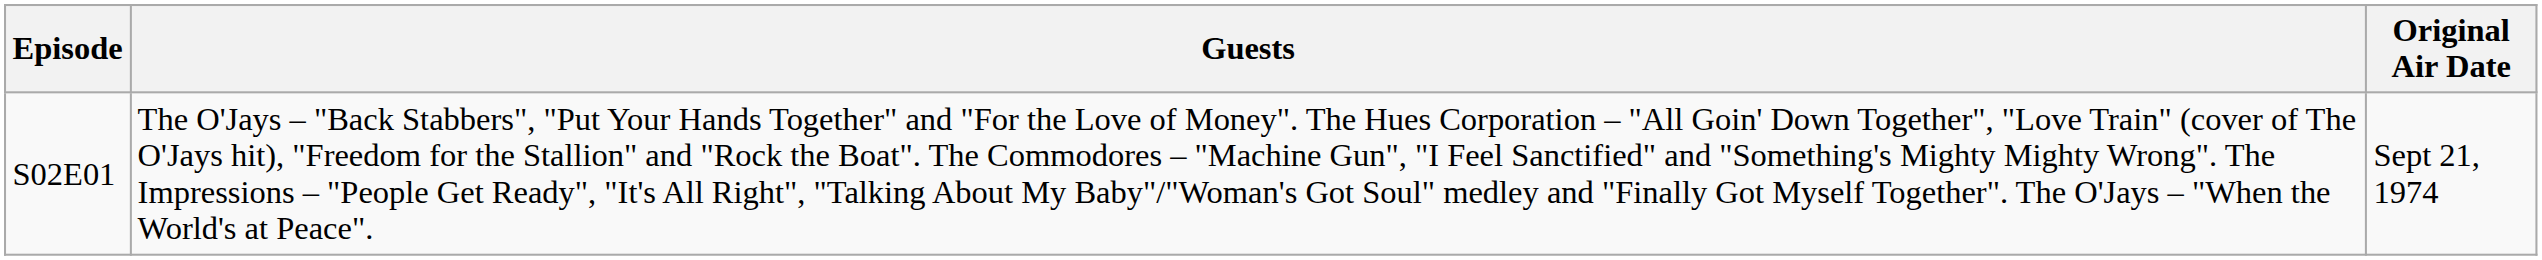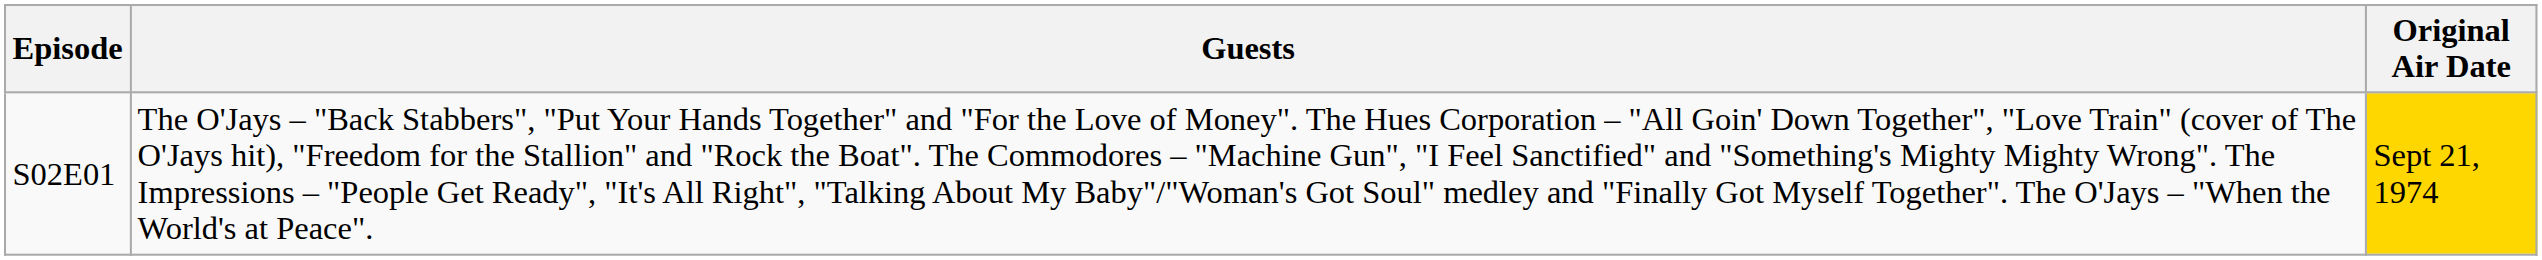 <table class="wikitable">
 <tr>
 <th>Episode</th>
 <th>Guests</th>
 <th>Original Air Date</th>
 </tr>
 <tr>
 <td>S02E01</td>
 <td>The O'Jays – "Back Stabbers", "Put Your Hands Together" and "For the Love of Money". The Hues Corporation – "All Goin' Down Together", "Love Train" (cover of The O'Jays hit), "Freedom for the Stallion" and "Rock the Boat". The Commodores – "Machine Gun", "I Feel Sanctified" and "Something's Mighty Mighty Wrong". The Impressions – "People Get Ready", "It's All Right", "Talking About My Baby"/"Woman's Got Soul" medley and "Finally Got Myself Together". The O'Jays – "When the World's at Peace".</td>
-<td>Sept 21, 1974</td>
+<td style="background: gold;">Sept 21, 1974</td>
 </tr>
 </table>
